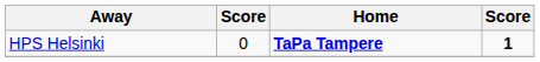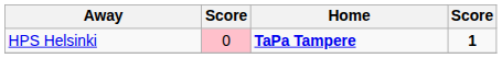 <table class="wikitable">
 <tr>
 <th width="200">Away</th>
 <th width="40">Score</th>
 <th width="200">Home</th>
 <th width="40">Score</th>
 </tr>
 <tr>
 <td><a href='#'>HPS Helsinki</a></td>
-<td align=center>0</td>
+<td align=center style="background: pink;">0</td>
 <td><strong><a href='#'>TaPa Tampere</a></strong></td>
 <td align=center><strong>1</strong></td>
 </tr>
 <tr>
 </tr>
 </table>
